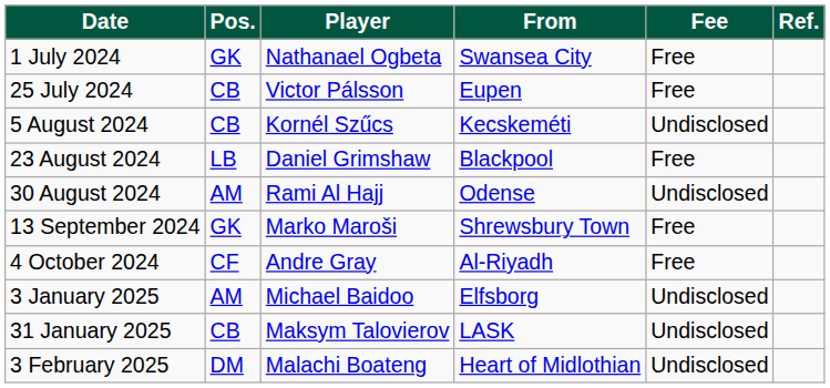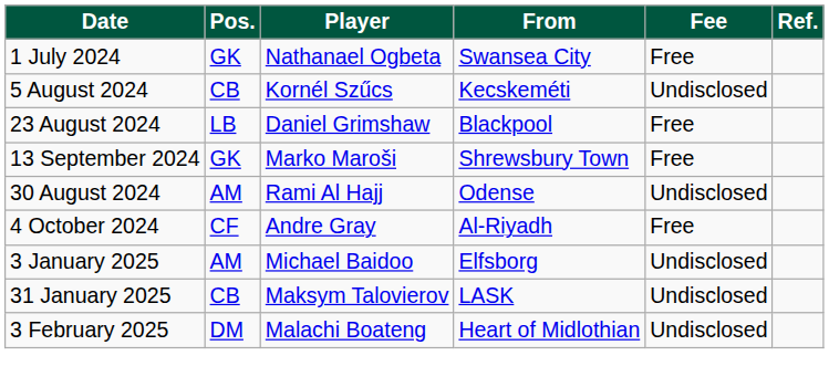 <table class="wikitable plainrowheaders sortable">
 <tr>
 <th style="background:#00563F;color:#FFFFFF;">Date</th>
 <th style="background:#00563F;color:#FFFFFF;">Pos.</th>
 <th style="background:#00563F;color:#FFFFFF;">Player</th>
 <th style="background:#00563F;color:#FFFFFF;">From</th>
 <th style="background:#00563F;color:#FFFFFF;">Fee</th>
 <th style="background:#00563F;color:#FFFFFF;">Ref.</th>
 </tr>
 <tr>
 <td>1 July 2024</td>
 <td><a href='#'>GK</a></td>
 <td> <a href='#'>Nathanael Ogbeta</a></td>
 <td> <a href='#'>Swansea City</a></td>
-<td>Free</td>
-<td></td>
-</tr>
-<tr>
-<td>25 July 2024</td>
-<td><a href='#'>CB</a></td>
-<td> <a href='#'>Victor Pálsson</a></td>
-<td> <a href='#'>Eupen</a></td>
 <td>Free</td>
 <td></td>
 </tr>
 <tr>
 <td>5 August 2024</td>
 <td><a href='#'>CB</a></td>
 <td> <a href='#'>Kornél Szűcs</a></td>
 <td> <a href='#'>Kecskeméti</a></td>
 <td>Undisclosed</td>
 <td></td>
 </tr>
 <tr>
 <td>23 August 2024</td>
 <td><a href='#'>LB</a></td>
 <td> <a href='#'>Daniel Grimshaw</a></td>
 <td> <a href='#'>Blackpool</a></td>
 <td>Free</td>
 <td></td>
 </tr>
 <tr>
+<td>13 September 2024</td>
+<td><a href='#'>GK</a></td>
+<td> <a href='#'>Marko Maroši</a></td>
+<td> <a href='#'>Shrewsbury Town</a></td>
+<td>Free</td>
+<td></td>
+</tr>
+<tr>
 <td>30 August 2024</td>
 <td><a href='#'>AM</a></td>
 <td> <a href='#'>Rami Al Hajj</a></td>
 <td> <a href='#'>Odense</a></td>
 <td>Undisclosed</td>
-<td></td>
-</tr>
-<tr>
-<td>13 September 2024</td>
-<td><a href='#'>GK</a></td>
-<td> <a href='#'>Marko Maroši</a></td>
-<td> <a href='#'>Shrewsbury Town</a></td>
-<td>Free</td>
 <td></td>
 </tr>
 <tr>
 <td>4 October 2024</td>
 <td><a href='#'>CF</a></td>
 <td> <a href='#'>Andre Gray</a></td>
 <td> <a href='#'>Al-Riyadh</a></td>
 <td>Free</td>
 <td></td>
 </tr>
 <tr>
 <td>3 January 2025</td>
 <td><a href='#'>AM</a></td>
 <td> <a href='#'>Michael Baidoo</a></td>
 <td> <a href='#'>Elfsborg</a></td>
 <td>Undisclosed</td>
 <td></td>
 </tr>
 <tr>
 <td>31 January 2025</td>
 <td><a href='#'>CB</a></td>
 <td> <a href='#'>Maksym Talovierov</a></td>
 <td> <a href='#'>LASK</a></td>
 <td>Undisclosed</td>
 <td></td>
 </tr>
 <tr>
 <td>3 February 2025</td>
 <td><a href='#'>DM</a></td>
 <td> <a href='#'>Malachi Boateng</a></td>
 <td> <a href='#'>Heart of Midlothian</a></td>
 <td>Undisclosed</td>
 <td></td>
 </tr>
 </table>
